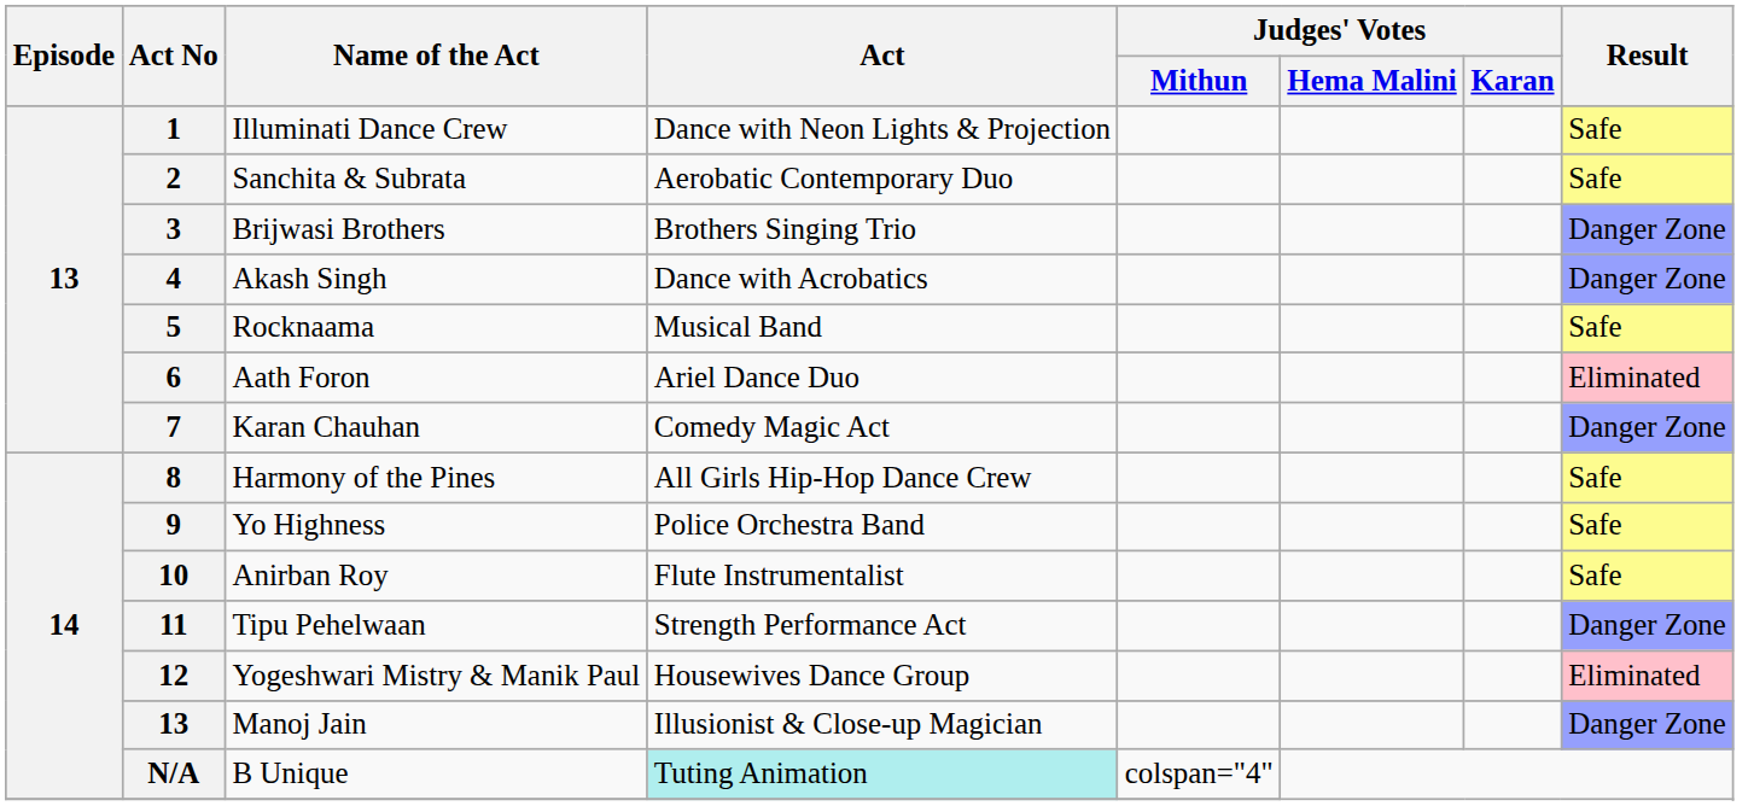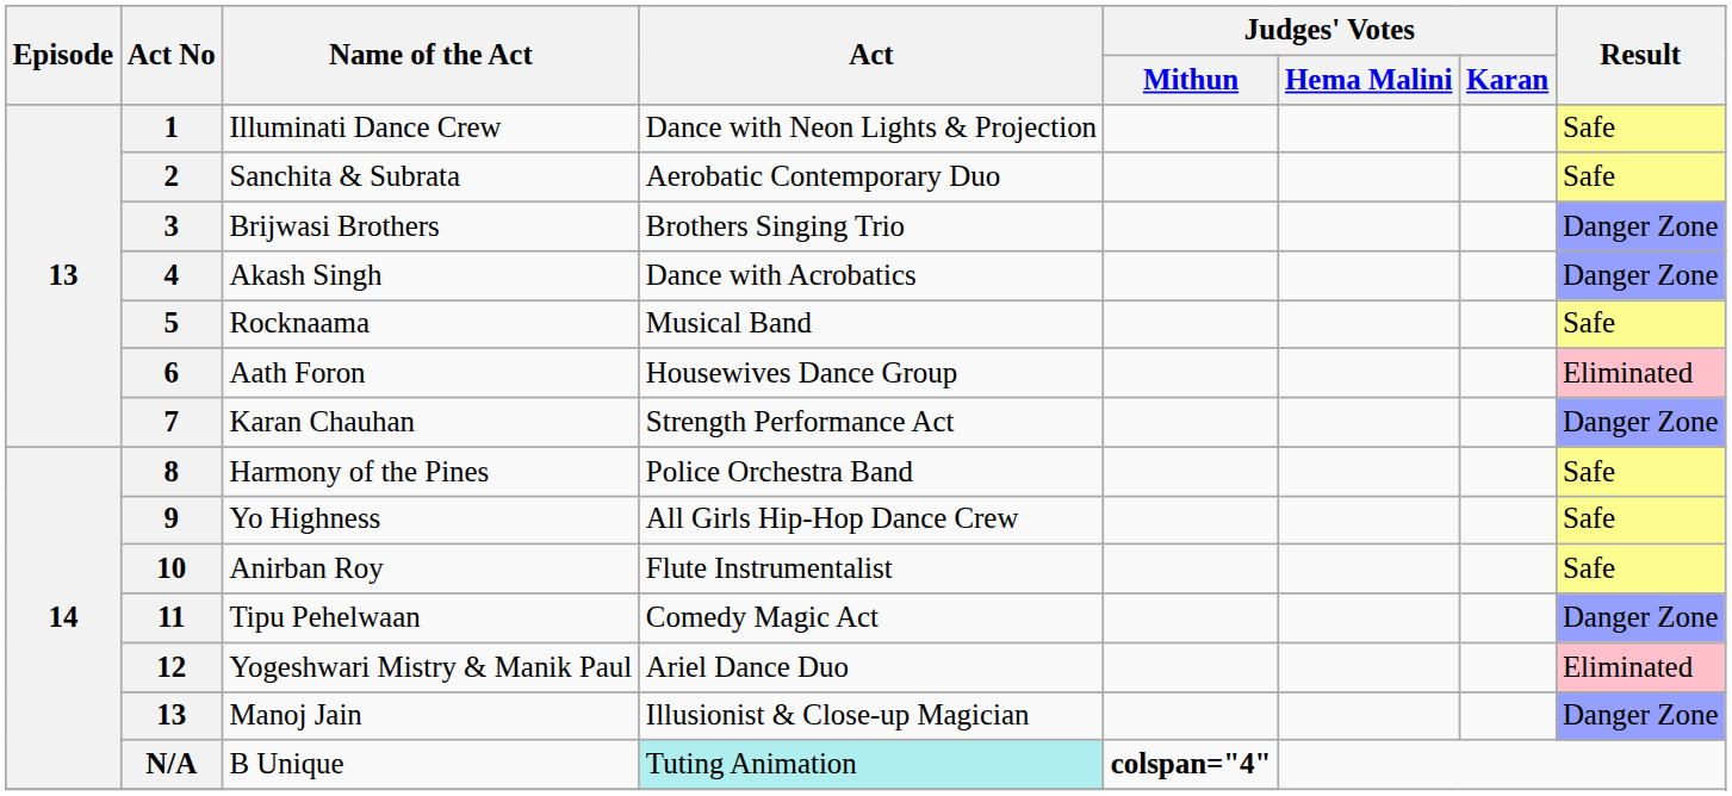 <table class="wikitable sortable mw-collapsible" style="font-size: 90%;">
 <tr>
 <th rowspan="2">Episode</th>
 <th rowspan="2">Act No</th>
 <th rowspan="2">Name of the Act</th>
 <th rowspan="2">Act</th>
 <th colspan="3">Judges' Votes</th>
 <th rowspan="2">Result</th>
 </tr>
 <tr>
 <th><a href='#'>Mithun</a></th>
 <th><a href='#'>Hema Malini</a></th>
 <th><a href='#'>Karan</a></th>
 </tr>
 <tr>
 <th rowspan="7">13</th>
 <th>1</th>
 <td>Illuminati Dance Crew</td>
 <td>Dance with Neon Lights & Projection</td>
 <td></td>
 <td></td>
 <td></td>
 <td bgcolor="#fdfc8f">Safe</td>
 </tr>
 <tr>
 <th>2</th>
 <td>Sanchita & Subrata</td>
 <td>Aerobatic Contemporary Duo</td>
 <td></td>
 <td></td>
 <td></td>
 <td bgcolor="#fdfc8f">Safe</td>
 </tr>
 <tr>
 <th>3</th>
 <td>Brijwasi Brothers</td>
 <td>Brothers Singing Trio</td>
 <td></td>
 <td></td>
 <td></td>
 <td style="background:#959ffd">Danger Zone</td>
 </tr>
 <tr>
 <th>4</th>
 <td>Akash Singh</td>
 <td>Dance with Acrobatics</td>
 <td></td>
 <td></td>
 <td></td>
 <td style="background:#959ffd">Danger Zone</td>
 </tr>
 <tr>
 <th>5</th>
 <td>Rocknaama</td>
 <td>Musical Band</td>
 <td></td>
 <td></td>
 <td></td>
 <td bgcolor="#fdfc8f">Safe</td>
 </tr>
 <tr>
 <th>6</th>
 <td>Aath Foron</td>
-<td>Ariel Dance Duo</td>
+<td>Housewives Dance Group</td>
 <td></td>
 <td></td>
 <td></td>
 <td bgcolor="#FFC0CB">Eliminated</td>
 </tr>
 <tr>
 <th>7</th>
 <td>Karan Chauhan</td>
-<td>Comedy Magic Act</td>
+<td>Strength Performance Act</td>
 <td></td>
 <td></td>
 <td></td>
 <td style="background:#959ffd">Danger Zone</td>
 </tr>
 <tr>
 <th rowspan="7">14</th>
 <th>8</th>
 <td>Harmony of the Pines</td>
-<td>All Girls Hip-Hop Dance Crew</td>
+<td>Police Orchestra Band</td>
 <td></td>
 <td></td>
 <td></td>
 <td bgcolor="#fdfc8f">Safe</td>
 </tr>
 <tr>
 <th>9</th>
 <td>Yo Highness</td>
-<td>Police Orchestra Band</td>
+<td>All Girls Hip-Hop Dance Crew</td>
 <td></td>
 <td></td>
 <td></td>
 <td bgcolor="#fdfc8f">Safe</td>
 </tr>
 <tr>
 <th>10</th>
 <td>Anirban Roy</td>
 <td>Flute Instrumentalist</td>
 <td></td>
 <td></td>
 <td></td>
 <td bgcolor="#fdfc8f">Safe</td>
 </tr>
 <tr>
 <th>11</th>
 <td>Tipu Pehelwaan</td>
-<td>Strength Performance Act</td>
+<td>Comedy Magic Act</td>
 <td></td>
 <td></td>
 <td></td>
 <td style="background:#959ffd">Danger Zone</td>
 </tr>
 <tr>
 <th>12</th>
 <td>Yogeshwari Mistry & Manik Paul</td>
-<td>Housewives Dance Group</td>
+<td>Ariel Dance Duo</td>
 <td></td>
 <td></td>
 <td></td>
 <td bgcolor="#FFC0CB">Eliminated</td>
 </tr>
 <tr>
 <th>13</th>
 <td>Manoj Jain</td>
 <td>Illusionist & Close-up Magician</td>
 <td></td>
 <td></td>
 <td></td>
 <td style="background:#959ffd">Danger Zone</td>
 </tr>
 <tr>
 <th>N/A</th>
 <td>B Unique</td>
 <td style="background: paleturquoise;">Tuting Animation</td>
-<td>colspan="4"  </td>
+<td><strong>colspan="4"  </strong></td>
 </tr>
 <tr>
 </tr>
 </table>
